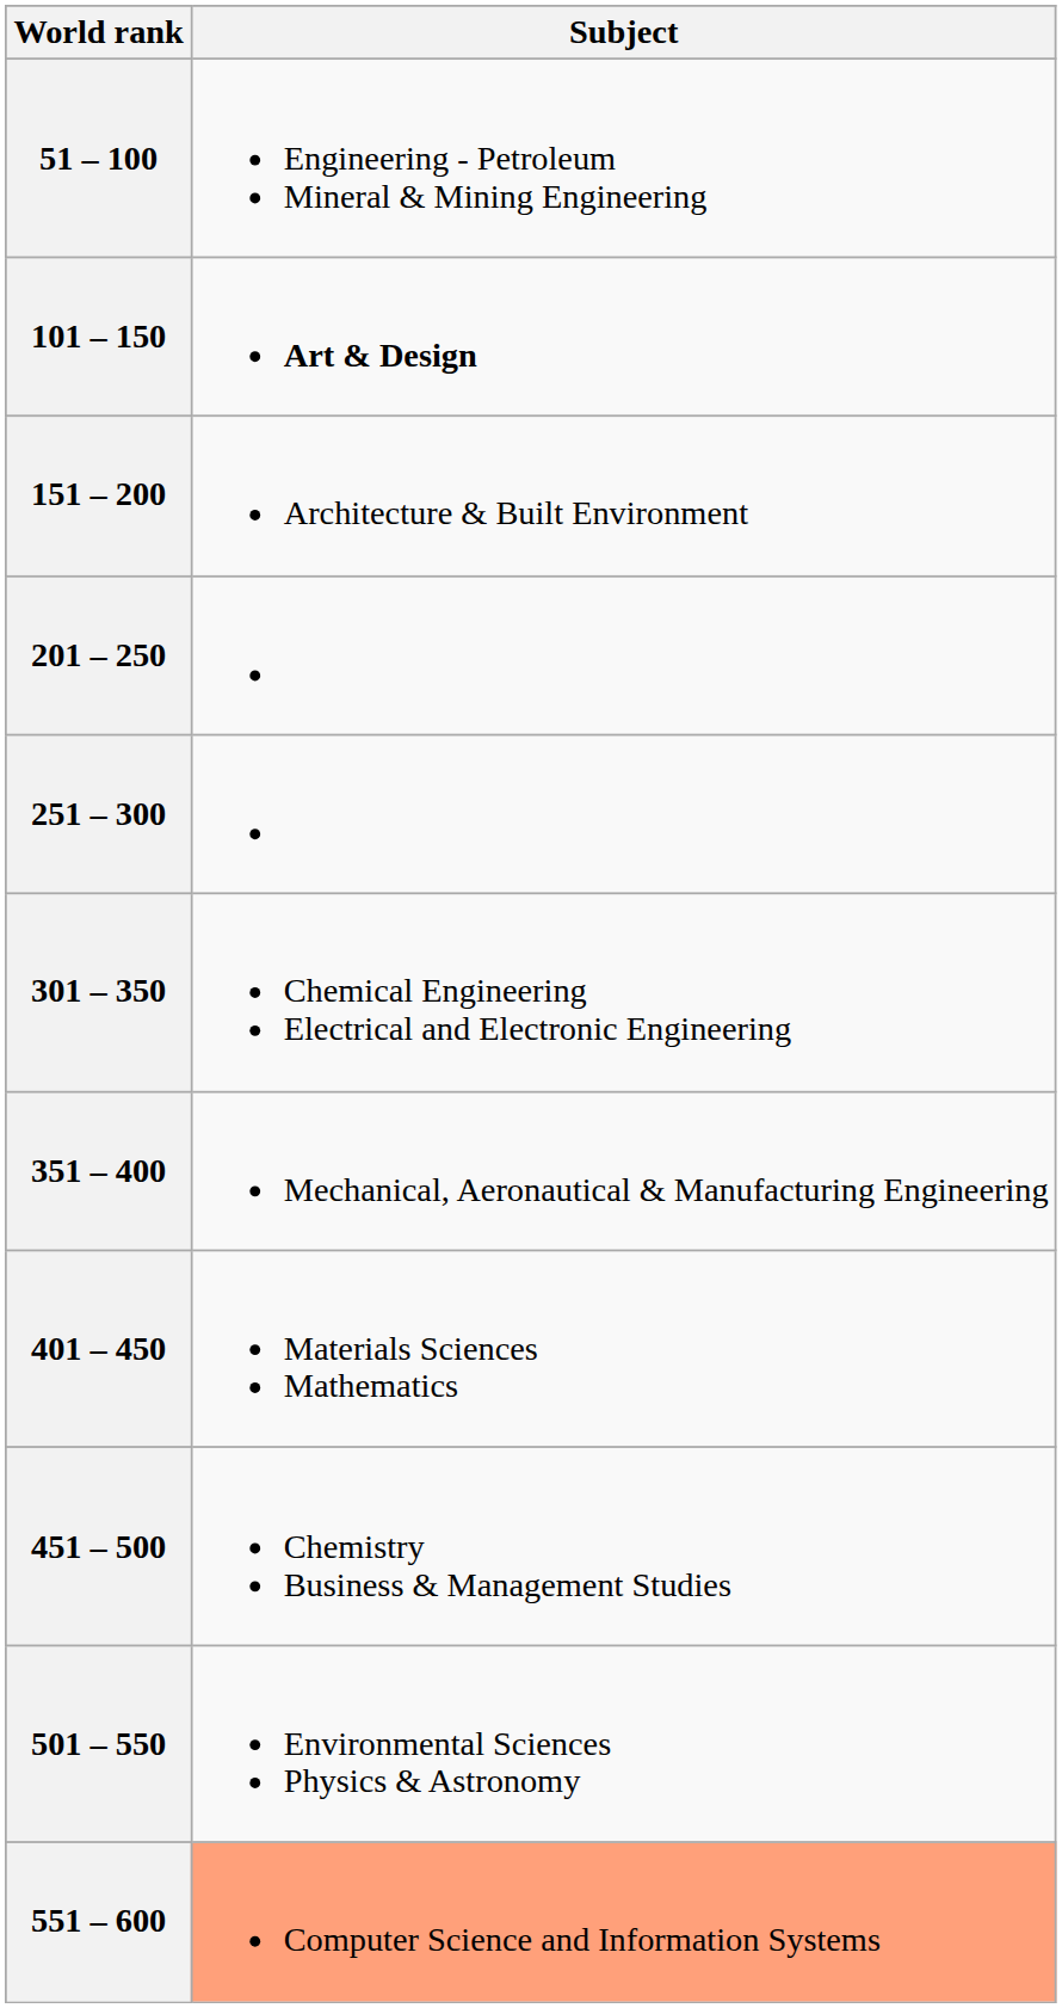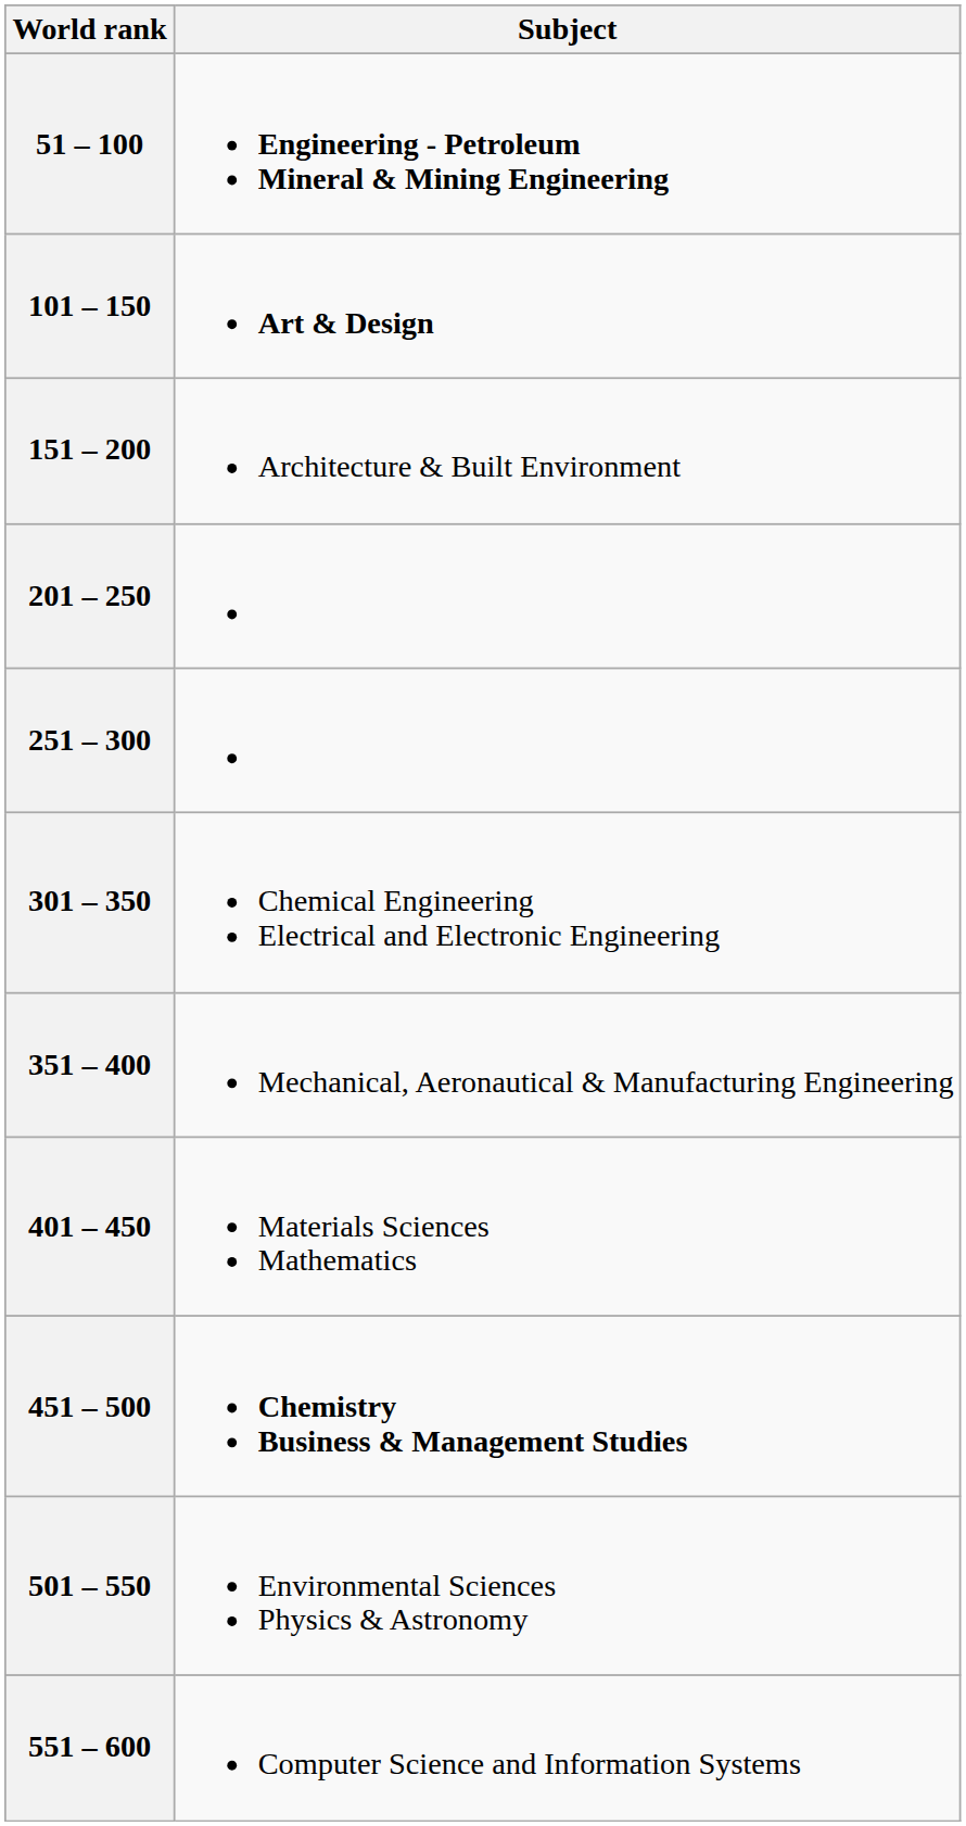 <table class="wikitable">
 <tr>
 <th>World rank</th>
 <th>Subject</th>
 </tr>
 <tr>
 <th><strong>51 – 100</strong></th>
-<td><br><ul><li>Engineering - Petroleum</li><li>Mineral & Mining Engineering</li></ul></td>
+<td><strong><br><ul><li>Engineering - Petroleum</li><li>Mineral & Mining Engineering</li></ul></strong></td>
 </tr>
 <tr>
 <th><strong>101 – 150</strong></th>
 <td><strong><br><ul><li>Art & Design</li></ul></strong></td>
 </tr>
 <tr>
 <th><strong>151 – 200</strong></th>
 <td><br><ul><li>Architecture & Built Environment</li></ul></td>
 </tr>
 <tr>
 <th><strong>201 – 250</strong></th>
 <td><br><ul><li></li></ul></td>
 </tr>
 <tr>
 <th><strong>251 – 300</strong></th>
 <td><br><ul><li></li></ul></td>
 </tr>
 <tr>
 <th><strong>301 – 350</strong></th>
 <td><br><ul><li>Chemical Engineering</li><li>Electrical and Electronic Engineering</li></ul></td>
 </tr>
 <tr>
 <th><strong>351 – 400</strong></th>
 <td><br><ul><li>Mechanical, Aeronautical & Manufacturing Engineering</li></ul></td>
 </tr>
 <tr>
 <th><strong>401 – 450</strong></th>
 <td><br><ul><li>Materials Sciences</li><li>Mathematics</li></ul></td>
 </tr>
 <tr>
 <th><strong>451 – 500</strong></th>
-<td><br><ul><li>Chemistry</li><li>Business & Management Studies</li></ul></td>
+<td><strong><br><ul><li>Chemistry</li><li>Business & Management Studies</li></ul></strong></td>
 </tr>
 <tr>
 <th><strong>501 – 550</strong></th>
 <td><br><ul><li>Environmental Sciences</li><li>Physics & Astronomy</li></ul></td>
 </tr>
 <tr>
 <th><strong>551 – 600</strong></th>
-<td style="background: lightsalmon;"><br><ul><li>Computer Science and Information Systems</li></ul></td>
+<td><br><ul><li>Computer Science and Information Systems</li></ul></td>
 </tr>
 </table>
